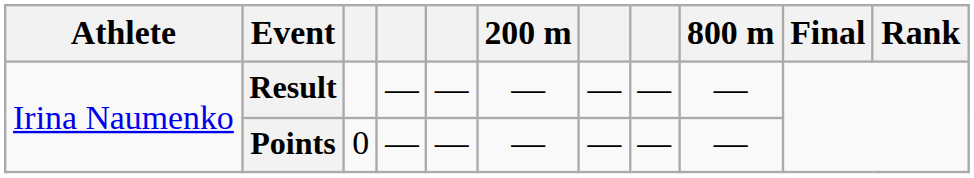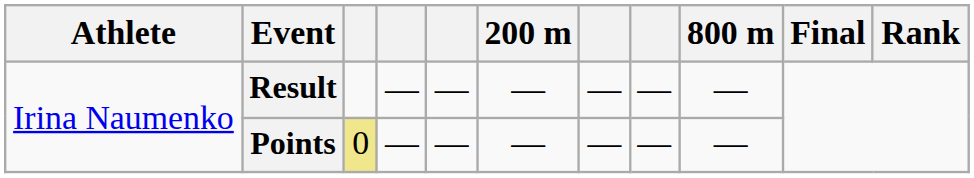 <table class="wikitable" style="font-size:90%">
 <tr>
 <th>Athlete</th>
 <th>Event</th>
 <th></th>
 <th></th>
 <th></th>
 <th>200 m</th>
 <th></th>
 <th></th>
 <th>800 m</th>
 <th>Final</th>
 <th>Rank</th>
 </tr>
 <tr align=center>
 <td rowspan=2 align=left><a href='#'>Irina Naumenko</a></td>
 <th style="font-size:95%">Result</th>
 <td></td>
 <td>—</td>
 <td>—</td>
 <td>—</td>
 <td>—</td>
 <td>—</td>
 <td>—</td>
 <td rowspan=2 colspan=2></td>
 </tr>
 <tr align=center>
 <th style="font-size:95%">Points</th>
-<td>0</td>
+<td style="background: khaki;">0</td>
 <td>—</td>
 <td>—</td>
 <td>—</td>
 <td>—</td>
 <td>—</td>
 <td>—</td>
 </tr>
 </table>
